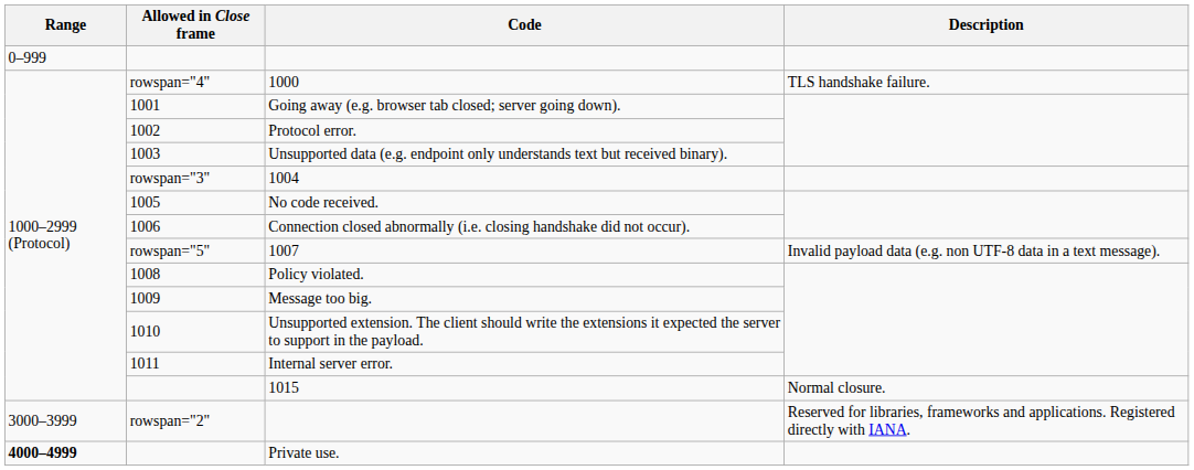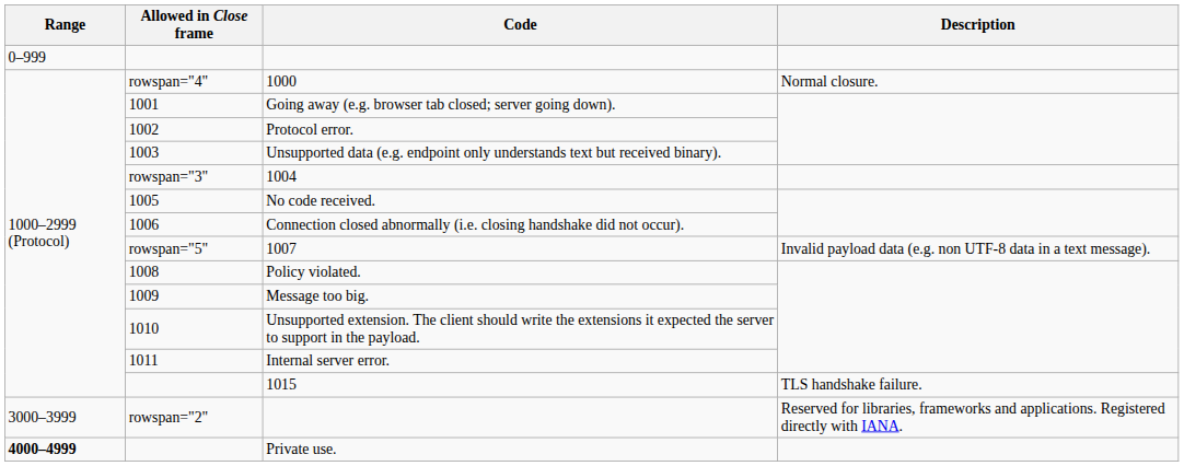 <table class="wikitable">
 <tr>
 <th>Range</th>
 <th>Allowed in <em>Close</em> frame</th>
 <th>Code<br></th>
 <th>Description</th>
 </tr>
 <tr>
 <td>0–999</td>
 <td></td>
 <td></td>
 <td></td>
 </tr>
 <tr>
 <td rowspan="13">1000–2999 (Protocol)</td>
 <td>rowspan="4" </td>
 <td>1000</td>
-<td>TLS handshake failure.</td>
+<td>Normal closure.</td>
 </tr>
 <tr>
 <td>1001</td>
 <td>Going away (e.g. browser tab closed; server going down).</td>
 </tr>
 <tr>
 <td>1002</td>
 <td>Protocol error.</td>
 </tr>
 <tr>
 <td>1003</td>
 <td>Unsupported data (e.g. endpoint only understands text but received binary).</td>
 </tr>
 <tr>
 <td>rowspan="3" </td>
 <td>1004</td>
 <td></td>
 </tr>
 <tr>
 <td>1005</td>
 <td>No code received.</td>
 </tr>
 <tr>
 <td>1006</td>
 <td>Connection closed abnormally (i.e. closing handshake did not occur).</td>
 </tr>
 <tr>
 <td>rowspan="5" </td>
 <td>1007</td>
 <td>Invalid payload data (e.g. non UTF-8 data in a text message).</td>
 </tr>
 <tr>
 <td>1008</td>
 <td>Policy violated.</td>
 </tr>
 <tr>
 <td>1009</td>
 <td>Message too big.</td>
 </tr>
 <tr>
 <td>1010</td>
 <td>Unsupported extension. The client should write the extensions it expected the server to support in the payload.</td>
 </tr>
 <tr>
 <td>1011</td>
 <td>Internal server error.</td>
 </tr>
 <tr>
 <td></td>
 <td>1015</td>
-<td>Normal closure.</td>
+<td>TLS handshake failure.</td>
 </tr>
 <tr>
 <td>3000–3999</td>
 <td>rowspan="2" </td>
 <td></td>
 <td>Reserved for libraries, frameworks and applications. Registered directly with <a href='#'>IANA</a>.</td>
 </tr>
 <tr>
 <td><strong>4000–4999</strong></td>
 <td></td>
 <td>Private use.</td>
 </tr>
 </table>
